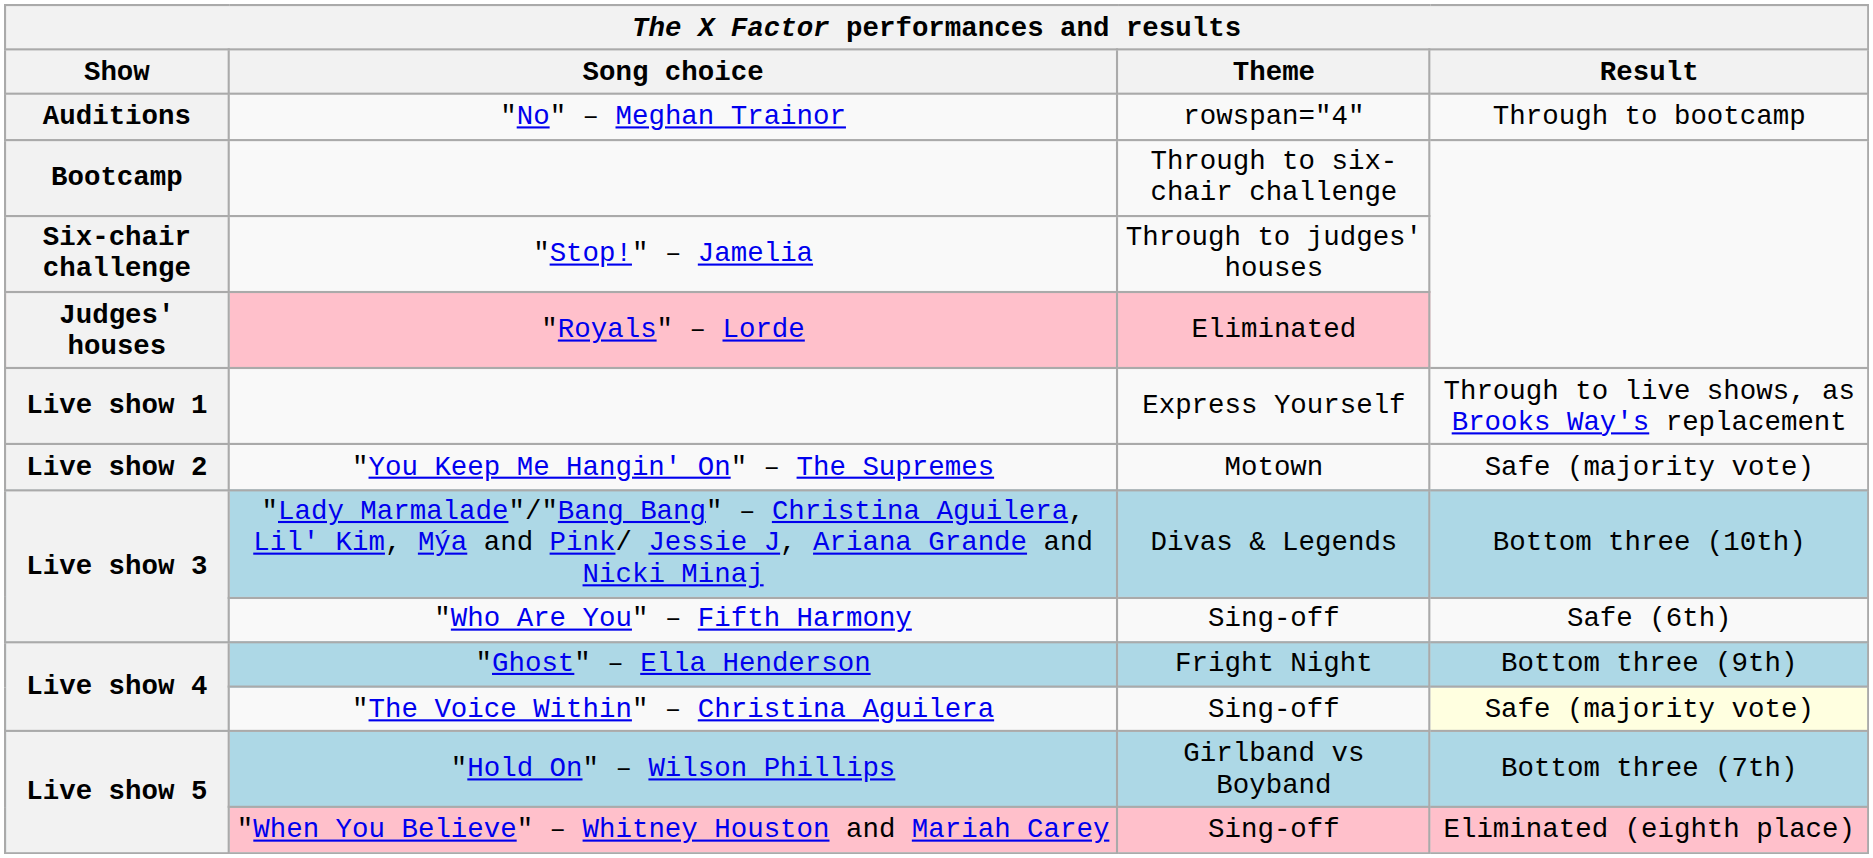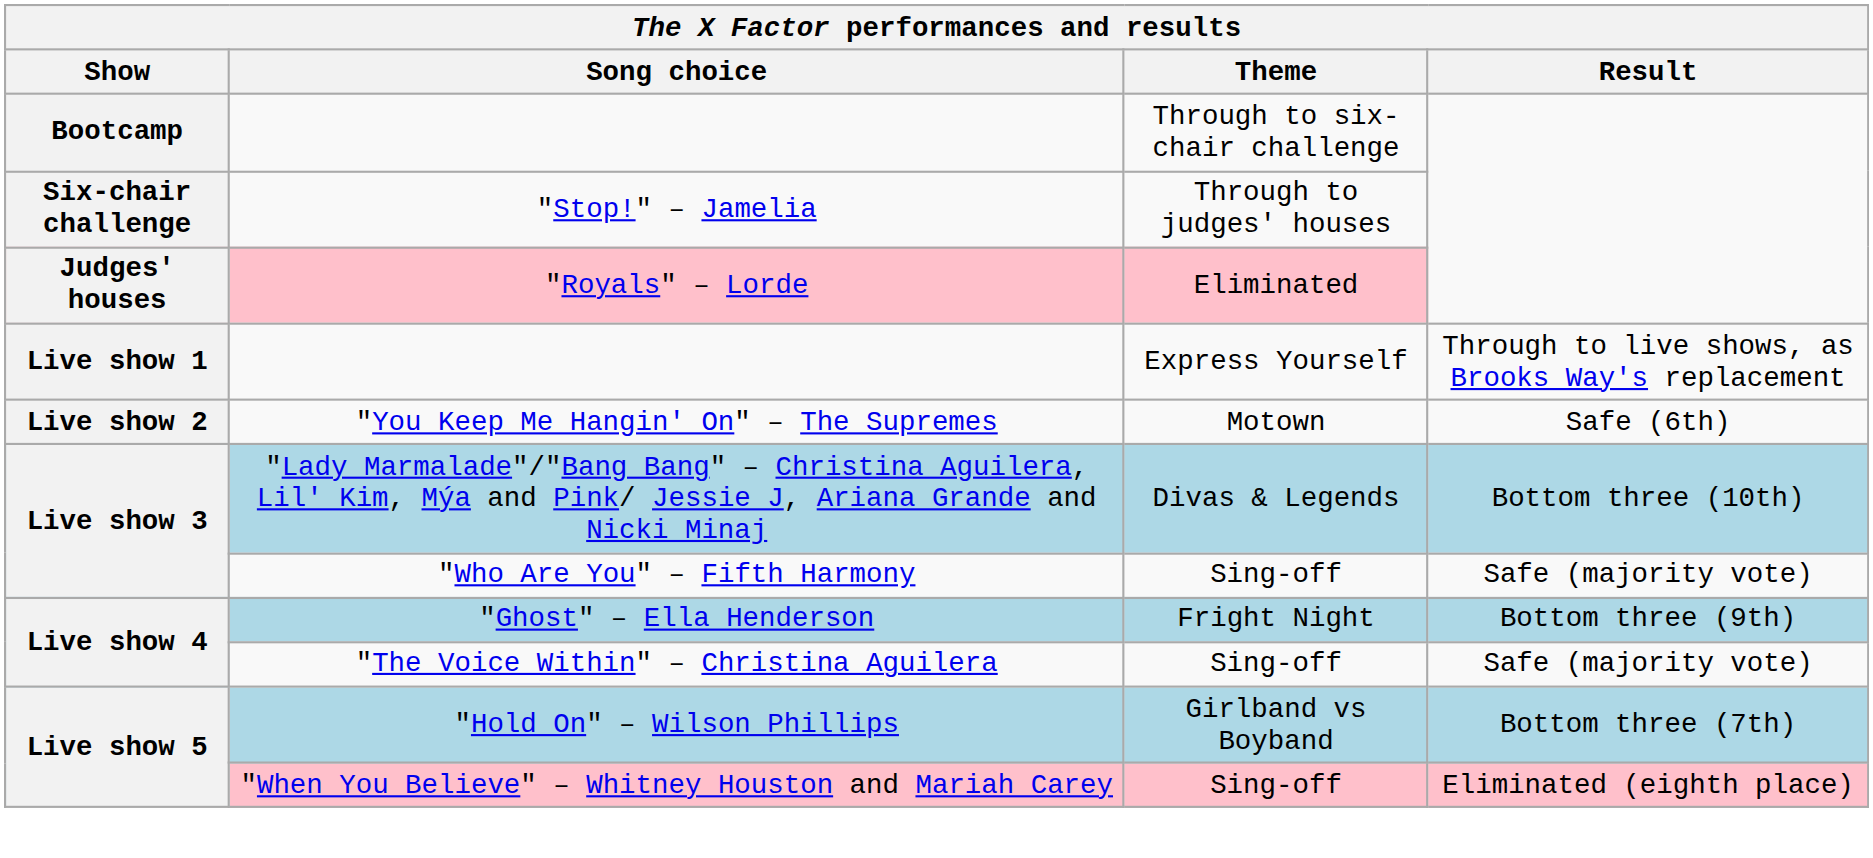 <table class="wikitable collapsible collapsed" style="margin:1em auto 1em auto; text-align:center;">
 <tr>
 <th colspan="4"><em>The X Factor</em> performances and results</th>
 </tr>
 <tr>
 <th style="text-align:centre;">Show</th>
 <th style="text-align:centre;">Song choice</th>
 <th style="text-align:centre;">Theme</th>
 <th style="text-align:centre;">Result</th>
-</tr>
-<tr>
-<th>Auditions</th>
-<td>"<a href='#'>No</a>" – <a href='#'>Meghan Trainor</a></td>
-<td>rowspan="4" </td>
-<td>Through to bootcamp</td>
 </tr>
 <tr>
 <th>Bootcamp</th>
 <td></td>
 <td>Through to six-chair challenge</td>
 </tr>
 <tr>
 <th>Six-chair challenge</th>
 <td>"<a href='#'>Stop!</a>" – <a href='#'>Jamelia</a></td>
 <td>Through to judges' houses</td>
 </tr>
 <tr style="background:pink;">
 <th>Judges' houses</th>
 <td>"<a href='#'>Royals</a>" – <a href='#'>Lorde</a></td>
 <td>Eliminated</td>
 </tr>
 <tr>
 <th>Live show 1</th>
 <td></td>
 <td>Express Yourself</td>
 <td>Through to live shows, as <a href='#'>Brooks Way's</a> replacement</td>
 </tr>
 <tr>
 <th>Live show 2</th>
 <td>"<a href='#'>You Keep Me Hangin' On</a>" – <a href='#'>The Supremes</a></td>
 <td>Motown</td>
-<td>Safe (majority vote)</td>
+<td>Safe (6th)</td>
 </tr>
 <tr style="background:lightblue;">
 <th rowspan="2">Live show 3</th>
 <td>"<a href='#'>Lady Marmalade</a>"/"<a href='#'>Bang Bang</a>" – <a href='#'>Christina Aguilera</a>, <a href='#'>Lil' Kim</a>, <a href='#'>Mýa</a> and <a href='#'>Pink</a>/ <a href='#'>Jessie J</a>, <a href='#'>Ariana Grande</a> and <a href='#'>Nicki Minaj</a></td>
 <td>Divas & Legends</td>
 <td>Bottom three (10th)</td>
 </tr>
 <tr>
 <td>"<a href='#'>Who Are You</a>" – <a href='#'>Fifth Harmony</a></td>
 <td>Sing-off</td>
-<td>Safe (6th)</td>
+<td>Safe (majority vote)</td>
 </tr>
 <tr style="background:lightblue;">
 <th rowspan="2">Live show 4</th>
 <td>"<a href='#'>Ghost</a>" – <a href='#'>Ella Henderson</a></td>
 <td>Fright Night</td>
 <td>Bottom three (9th)</td>
 </tr>
 <tr>
 <td>"<a href='#'>The Voice Within</a>" – <a href='#'>Christina Aguilera</a></td>
 <td>Sing-off</td>
-<td style="background: lightyellow;">Safe (majority vote)</td>
+<td>Safe (majority vote)</td>
 </tr>
 <tr style="background:lightblue;">
 <th rowspan="2">Live show 5</th>
 <td>"<a href='#'>Hold On</a>" – <a href='#'>Wilson Phillips</a></td>
 <td>Girlband vs Boyband</td>
 <td>Bottom three (7th)</td>
 </tr>
 <tr style="background:pink;">
 <td>"<a href='#'>When You Believe</a>" – <a href='#'>Whitney Houston</a> and <a href='#'>Mariah Carey</a></td>
 <td>Sing-off</td>
 <td>Eliminated (eighth place)</td>
 </tr>
 </table>
